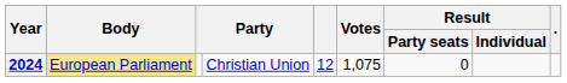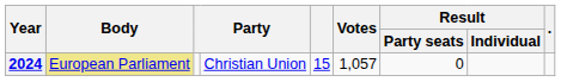 <table class="wikitable plainrowheaders sortable" border=2 cellpadding=4 cellspacing=0 style="border: 1px #aaa solid; font-size: 90%; text-align:center;">
 <tr>
 <th scope="col" rowspan=2>Year</th>
 <th scope="col" rowspan=2>Body</th>
 <th scope="col" colspan=2 rowspan=2>Party</th>
 <th scope="col" rowspan=2></th>
 <th scope="col" rowspan=2>Votes</th>
 <th scope="colgroup" colspan=2>Result</th>
 <th scope="col" rowspan=2>.</th>
 </tr>
 <tr>
 <th scope="col">Party seats</th>
 <th scope="col">Individual</th>
 </tr>
 <tr>
 <th scope="row"><a href='#'>2024</a></th>
 <td style="background: khaki;"><a href='#'>European Parliament</a></td>
 <td style="background-color:"></td>
 <td><a href='#'>Christian Union</a></td>
-<td style=text-align:right><a href='#'>12</a></td>
-<td style=text-align:right>1,075</td>
+<td style=text-align:right><a href='#'>15</a></td>
+<td style=text-align:right>1,057</td>
 <td style=text-align:right>0</td>
 <td></td>
 <td></td>
 </tr>
 </table>
